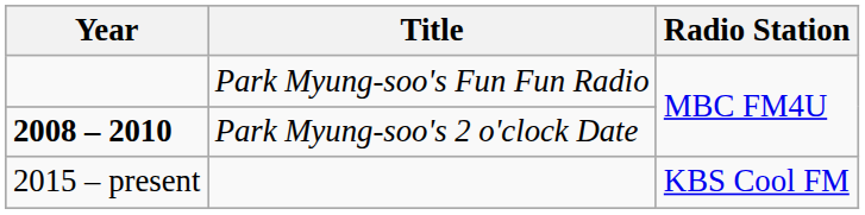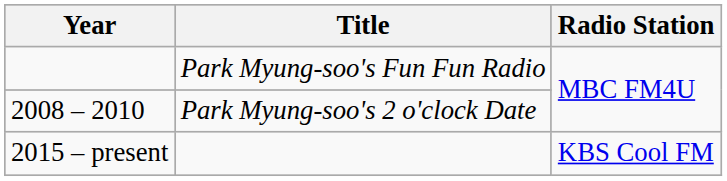 <table class="wikitable">
 <tr>
 <th>Year</th>
 <th>Title</th>
 <th>Radio Station</th>
 </tr>
 <tr>
 <td></td>
 <td><em>Park Myung-soo's Fun Fun Radio</em></td>
 <td rowspan=2><a href='#'>MBC FM4U</a></td>
 </tr>
 <tr>
-<td><strong>2008 – 2010</strong></td>
+<td>2008 – 2010</td>
 <td><em>Park Myung-soo's 2 o'clock Date</em></td>
 </tr>
 <tr>
 <td>2015 – present</td>
 <td><em></em></td>
 <td><a href='#'>KBS Cool FM</a></td>
 </tr>
 </table>
